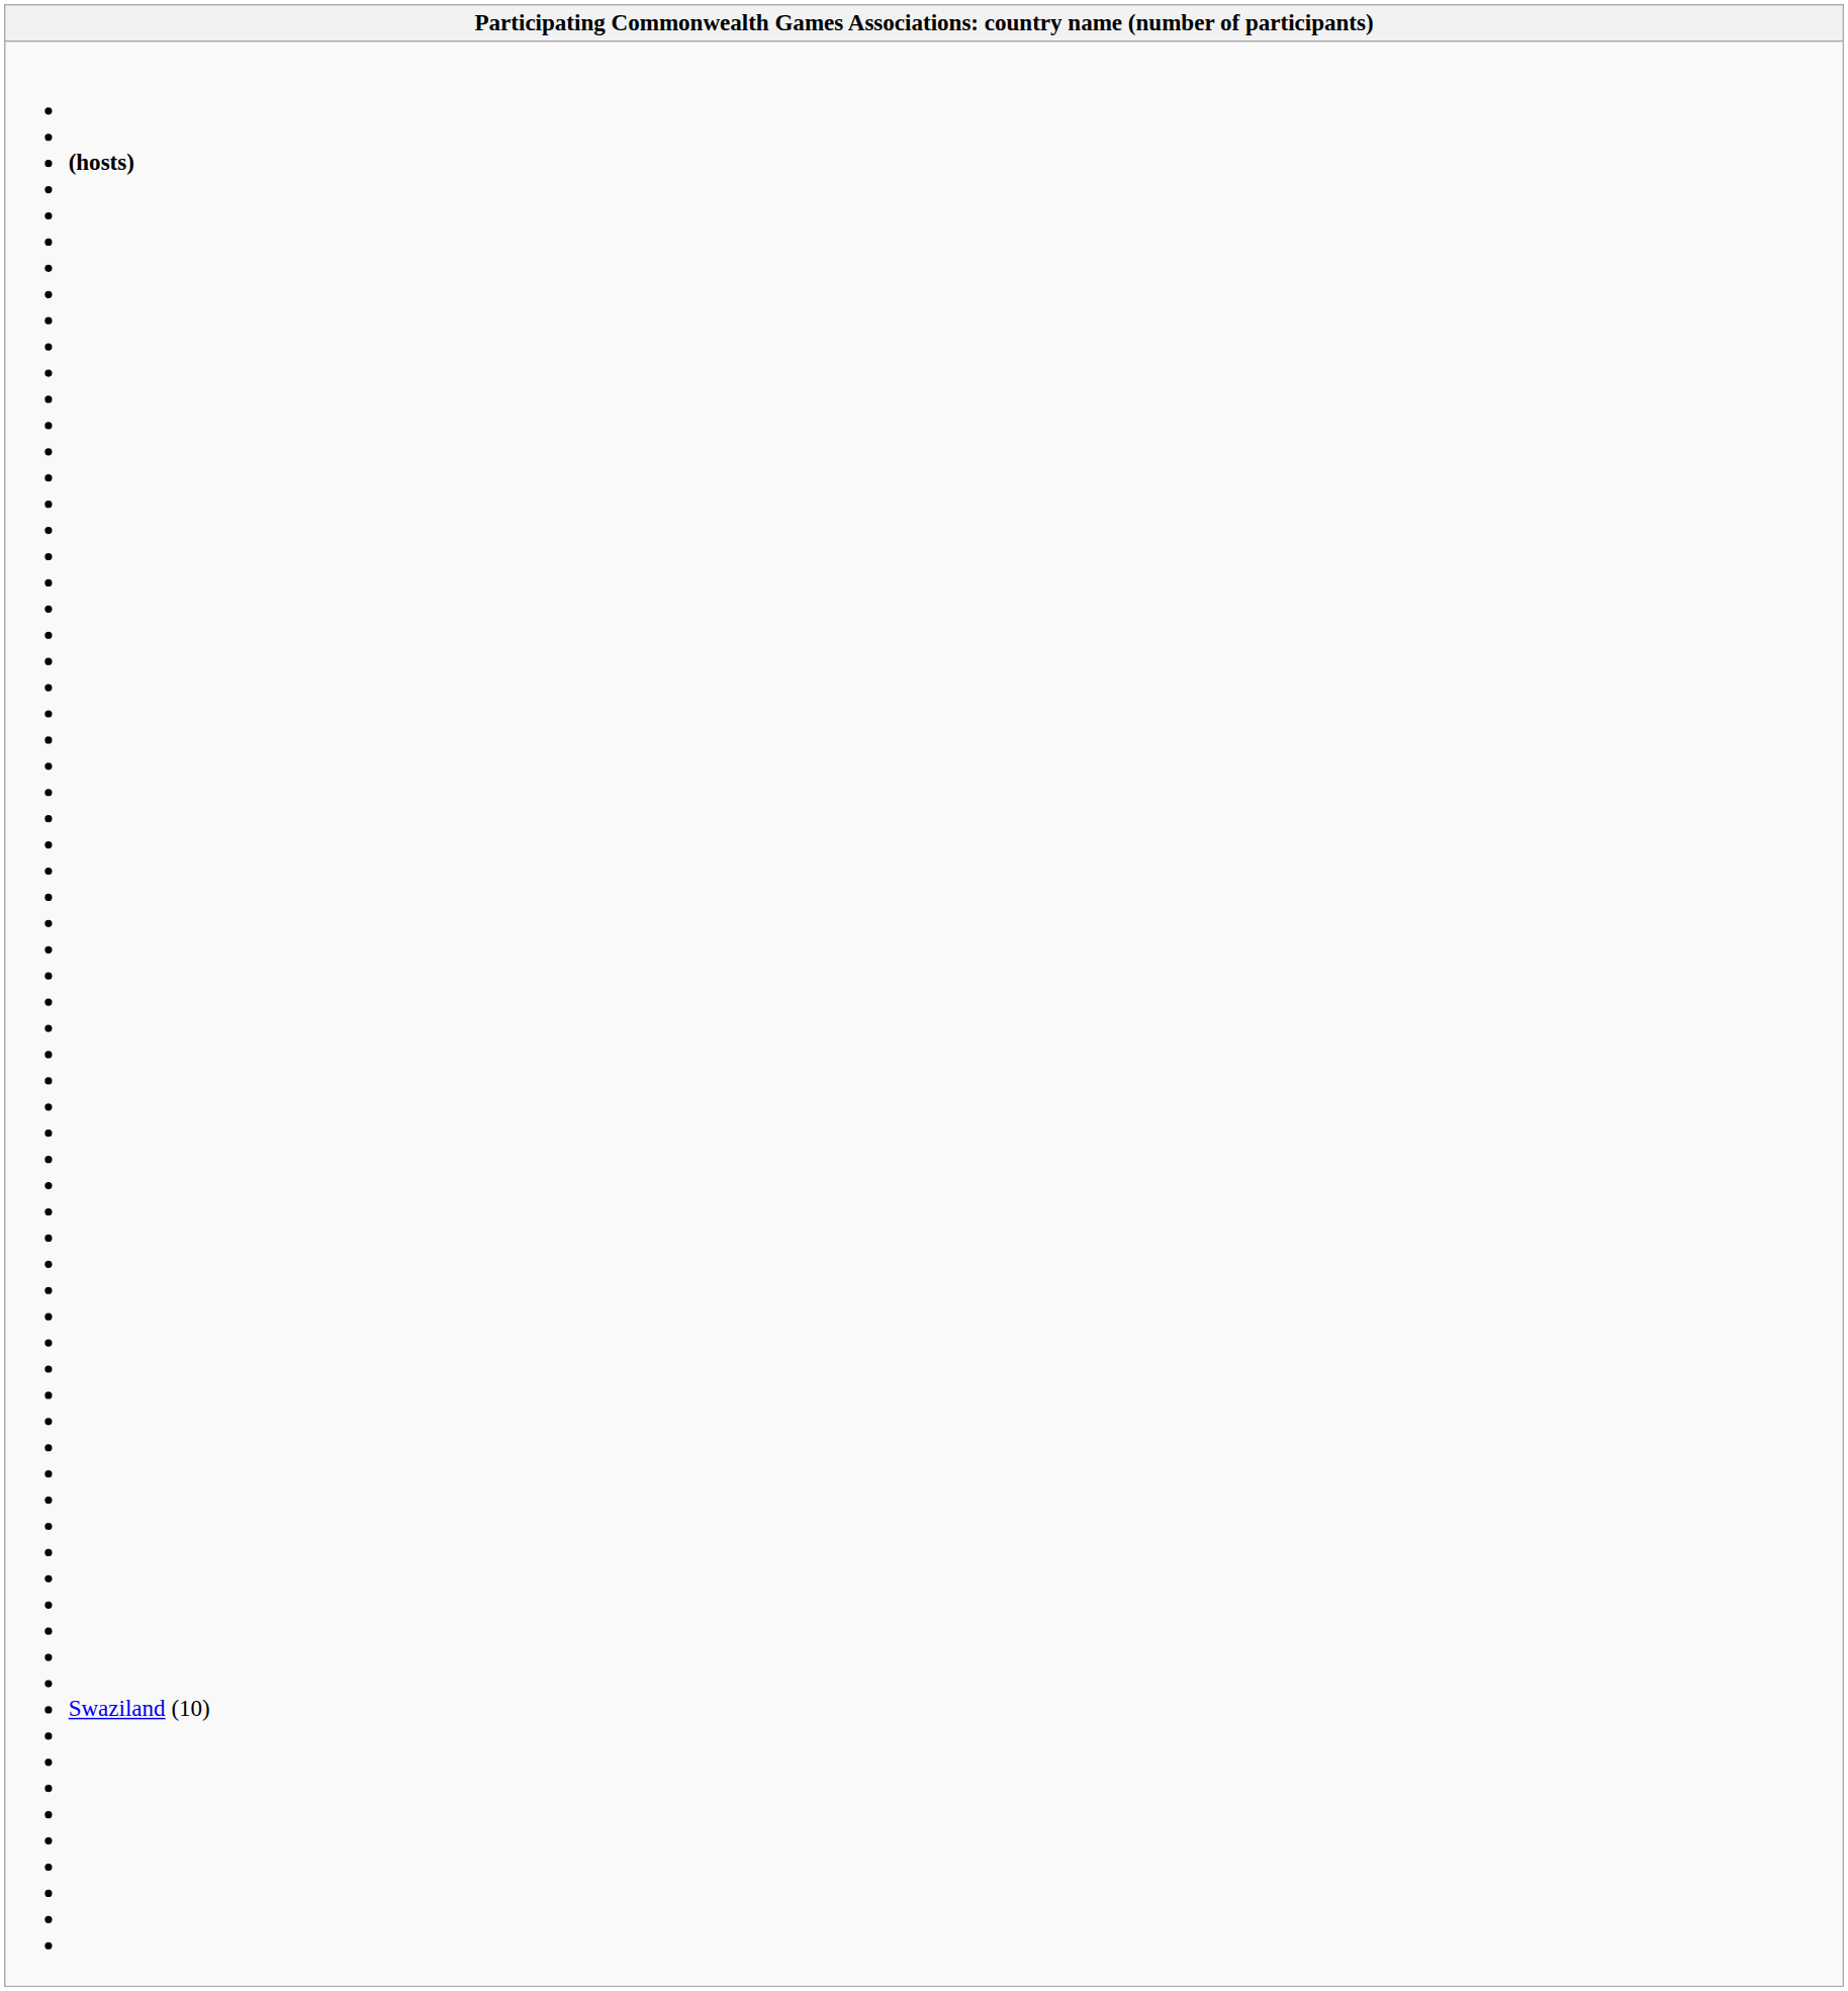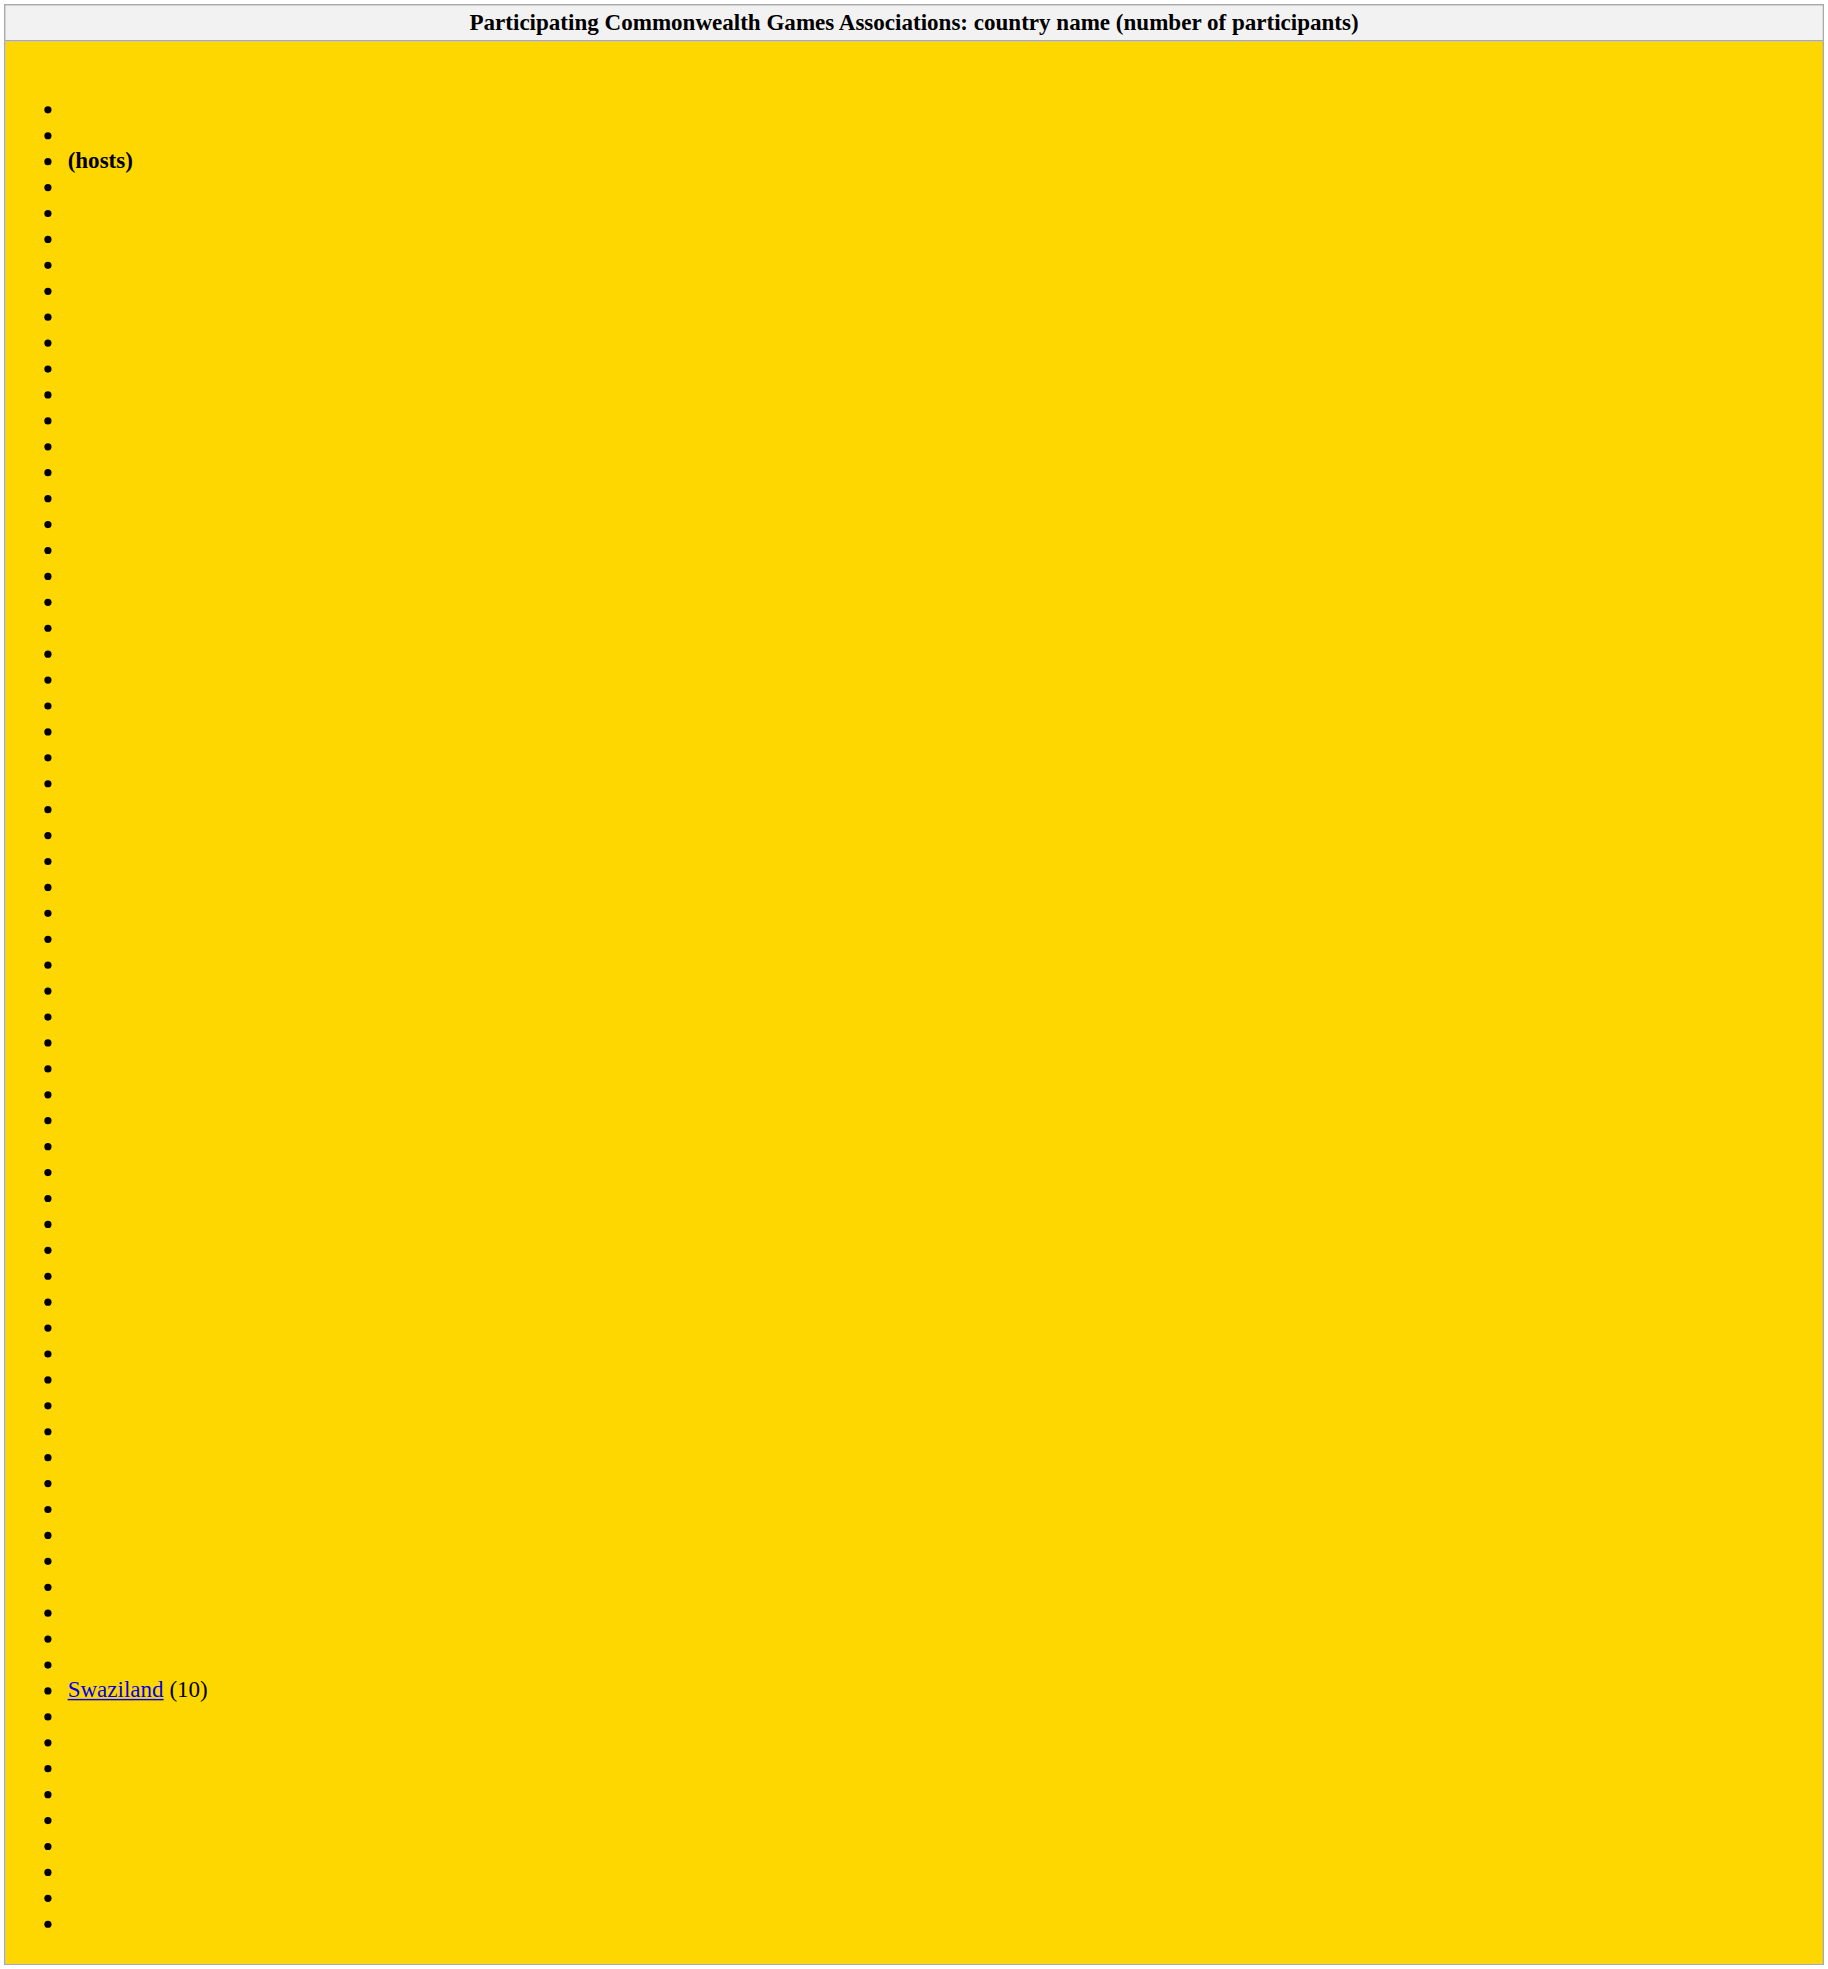 <table class="wikitable collapsible" style="width:100%;">
 <tr>
 <th>Participating Commonwealth Games Associations: country name (number of participants)</th>
 </tr>
 <tr>
-<td><br><ul><li></li><li></li><li> <strong>(hosts)</strong></li><li></li><li></li><li></li><li></li><li></li><li></li><li></li><li></li><li></li><li></li><li></li><li></li><li></li><li></li><li></li><li></li><li></li><li></li><li></li><li></li><li></li><li></li><li></li><li></li><li></li><li></li><li></li><li></li><li></li><li></li><li></li><li></li><li></li><li></li><li></li><li></li><li></li><li></li><li></li><li></li><li></li><li></li><li></li><li></li><li></li><li></li><li></li><li></li><li></li><li></li><li></li><li></li><li></li><li></li><li></li><li></li><li></li><li></li><li> <a href='#'>Swaziland</a> (10)</li><li></li><li></li><li></li><li></li><li></li><li></li><li></li><li></li><li></li></ul></td>
+<td style="background: gold;"><br><ul><li></li><li></li><li> <strong>(hosts)</strong></li><li></li><li></li><li></li><li></li><li></li><li></li><li></li><li></li><li></li><li></li><li></li><li></li><li></li><li></li><li></li><li></li><li></li><li></li><li></li><li></li><li></li><li></li><li></li><li></li><li></li><li></li><li></li><li></li><li></li><li></li><li></li><li></li><li></li><li></li><li></li><li></li><li></li><li></li><li></li><li></li><li></li><li></li><li></li><li></li><li></li><li></li><li></li><li></li><li></li><li></li><li></li><li></li><li></li><li></li><li></li><li></li><li></li><li></li><li> <a href='#'>Swaziland</a> (10)</li><li></li><li></li><li></li><li></li><li></li><li></li><li></li><li></li><li></li></ul></td>
 </tr>
 </table>
